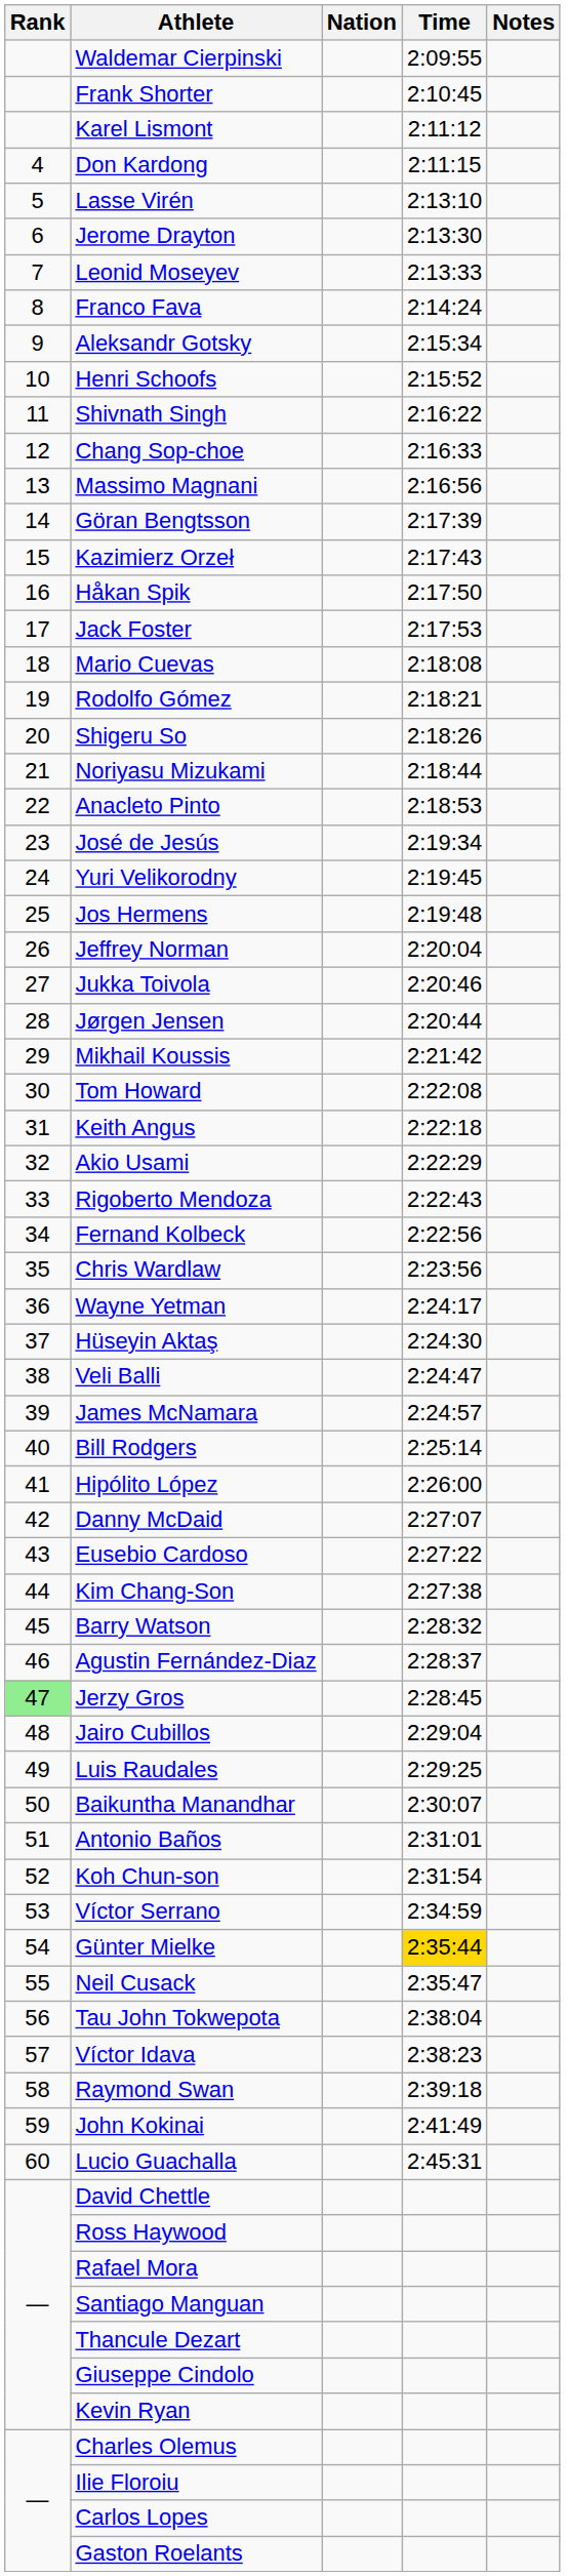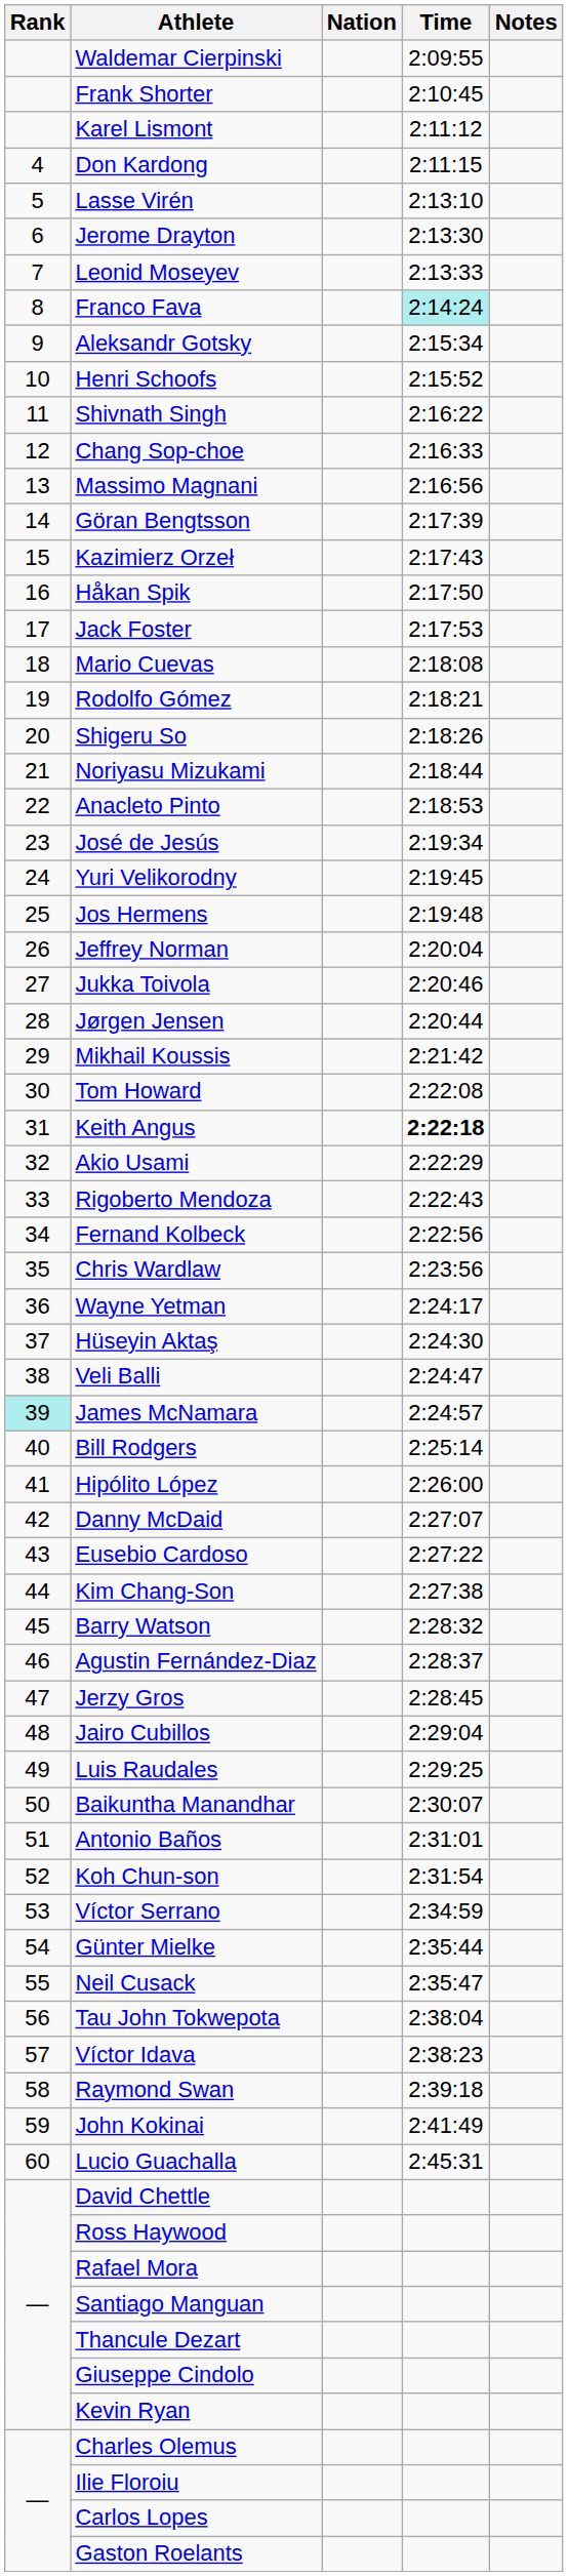 <table class="wikitable sortable" style="text-align:center">
 <tr>
 <th>Rank</th>
 <th>Athlete</th>
 <th>Nation</th>
 <th>Time</th>
 <th>Notes</th>
 </tr>
 <tr>
 <td></td>
 <td align=left><a href='#'>Waldemar Cierpinski</a></td>
 <td align=left></td>
 <td>2:09:55</td>
 <td></td>
 </tr>
 <tr>
 <td></td>
 <td align=left><a href='#'>Frank Shorter</a></td>
 <td align=left></td>
 <td>2:10:45</td>
 <td></td>
 </tr>
 <tr>
 <td></td>
 <td align=left><a href='#'>Karel Lismont</a></td>
 <td align=left></td>
 <td>2:11:12</td>
 <td></td>
 </tr>
 <tr>
 <td>4</td>
 <td align=left><a href='#'>Don Kardong</a></td>
 <td align=left></td>
 <td>2:11:15</td>
 <td></td>
 </tr>
 <tr>
 <td>5</td>
 <td align=left><a href='#'>Lasse Virén</a></td>
 <td align=left></td>
 <td>2:13:10</td>
 <td></td>
 </tr>
 <tr>
 <td>6</td>
 <td align=left><a href='#'>Jerome Drayton</a></td>
 <td align=left></td>
 <td>2:13:30</td>
 <td></td>
 </tr>
 <tr>
 <td>7</td>
 <td align=left><a href='#'>Leonid Moseyev</a></td>
 <td align=left></td>
 <td>2:13:33</td>
 <td></td>
 </tr>
 <tr>
 <td>8</td>
 <td align=left><a href='#'>Franco Fava</a></td>
 <td align=left></td>
-<td>2:14:24</td>
+<td style="background: paleturquoise;">2:14:24</td>
 <td></td>
 </tr>
 <tr>
 <td>9</td>
 <td align=left><a href='#'>Aleksandr Gotsky</a></td>
 <td align=left></td>
 <td>2:15:34</td>
 <td></td>
 </tr>
 <tr>
 <td>10</td>
 <td align=left><a href='#'>Henri Schoofs</a></td>
 <td align=left></td>
 <td>2:15:52</td>
 <td></td>
 </tr>
 <tr>
 <td>11</td>
 <td align=left><a href='#'>Shivnath Singh</a></td>
 <td align=left></td>
 <td>2:16:22</td>
 <td></td>
 </tr>
 <tr>
 <td>12</td>
 <td align=left><a href='#'>Chang Sop-choe</a></td>
 <td align=left></td>
 <td>2:16:33</td>
 <td></td>
 </tr>
 <tr>
 <td>13</td>
 <td align=left><a href='#'>Massimo Magnani</a></td>
 <td align=left></td>
 <td>2:16:56</td>
 <td></td>
 </tr>
 <tr>
 <td>14</td>
 <td align=left><a href='#'>Göran Bengtsson</a></td>
 <td align=left></td>
 <td>2:17:39</td>
 <td></td>
 </tr>
 <tr>
 <td>15</td>
 <td align=left><a href='#'>Kazimierz Orzeł</a></td>
 <td align=left></td>
 <td>2:17:43</td>
 <td></td>
 </tr>
 <tr>
 <td>16</td>
 <td align=left><a href='#'>Håkan Spik</a></td>
 <td align=left></td>
 <td>2:17:50</td>
 <td></td>
 </tr>
 <tr>
 <td>17</td>
 <td align=left><a href='#'>Jack Foster</a></td>
 <td align=left></td>
 <td>2:17:53</td>
 <td></td>
 </tr>
 <tr>
 <td>18</td>
 <td align=left><a href='#'>Mario Cuevas</a></td>
 <td align=left></td>
 <td>2:18:08</td>
 <td></td>
 </tr>
 <tr>
 <td>19</td>
 <td align=left><a href='#'>Rodolfo Gómez</a></td>
 <td align=left></td>
 <td>2:18:21</td>
 <td></td>
 </tr>
 <tr>
 <td>20</td>
 <td align=left><a href='#'>Shigeru So</a></td>
 <td align=left></td>
 <td>2:18:26</td>
 <td></td>
 </tr>
 <tr>
 <td>21</td>
 <td align=left><a href='#'>Noriyasu Mizukami</a></td>
 <td align=left></td>
 <td>2:18:44</td>
 <td></td>
 </tr>
 <tr>
 <td>22</td>
 <td align=left><a href='#'>Anacleto Pinto</a></td>
 <td align=left></td>
 <td>2:18:53</td>
 <td></td>
 </tr>
 <tr>
 <td>23</td>
 <td align=left><a href='#'>José de Jesús</a></td>
 <td align=left></td>
 <td>2:19:34</td>
 <td></td>
 </tr>
 <tr>
 <td>24</td>
 <td align=left><a href='#'>Yuri Velikorodny</a></td>
 <td align=left></td>
 <td>2:19:45</td>
 <td></td>
 </tr>
 <tr>
 <td>25</td>
 <td align=left><a href='#'>Jos Hermens</a></td>
 <td align=left></td>
 <td>2:19:48</td>
 <td></td>
 </tr>
 <tr>
 <td>26</td>
 <td align=left><a href='#'>Jeffrey Norman</a></td>
 <td align=left></td>
 <td>2:20:04</td>
 <td></td>
 </tr>
 <tr>
 <td>27</td>
 <td align=left><a href='#'>Jukka Toivola</a></td>
 <td align=left></td>
 <td>2:20:46</td>
 <td></td>
 </tr>
 <tr>
 <td>28</td>
 <td align=left><a href='#'>Jørgen Jensen</a></td>
 <td align=left></td>
 <td>2:20:44</td>
 <td></td>
 </tr>
 <tr>
 <td>29</td>
 <td align=left><a href='#'>Mikhail Koussis</a></td>
 <td align=left></td>
 <td>2:21:42</td>
 <td></td>
 </tr>
 <tr>
 <td>30</td>
 <td align=left><a href='#'>Tom Howard</a></td>
 <td align=left></td>
 <td>2:22:08</td>
 <td></td>
 </tr>
 <tr>
 <td>31</td>
 <td align=left><a href='#'>Keith Angus</a></td>
 <td align=left></td>
-<td>2:22:18</td>
+<td><strong>2:22:18</strong></td>
 <td></td>
 </tr>
 <tr>
 <td>32</td>
 <td align=left><a href='#'>Akio Usami</a></td>
 <td align=left></td>
 <td>2:22:29</td>
 <td></td>
 </tr>
 <tr>
 <td>33</td>
 <td align=left><a href='#'>Rigoberto Mendoza</a></td>
 <td align=left></td>
 <td>2:22:43</td>
 <td></td>
 </tr>
 <tr>
 <td>34</td>
 <td align=left><a href='#'>Fernand Kolbeck</a></td>
 <td align=left></td>
 <td>2:22:56</td>
 <td></td>
 </tr>
 <tr>
 <td>35</td>
 <td align=left><a href='#'>Chris Wardlaw</a></td>
 <td align=left></td>
 <td>2:23:56</td>
 <td></td>
 </tr>
 <tr>
 <td>36</td>
 <td align=left><a href='#'>Wayne Yetman</a></td>
 <td align=left></td>
 <td>2:24:17</td>
 <td></td>
 </tr>
 <tr>
 <td>37</td>
 <td align=left><a href='#'>Hüseyin Aktaş</a></td>
 <td align=left></td>
 <td>2:24:30</td>
 <td></td>
 </tr>
 <tr>
 <td>38</td>
 <td align=left><a href='#'>Veli Balli</a></td>
 <td align=left></td>
 <td>2:24:47</td>
 <td></td>
 </tr>
 <tr>
-<td>39</td>
+<td style="background: paleturquoise;">39</td>
 <td align=left><a href='#'>James McNamara</a></td>
 <td align=left></td>
 <td>2:24:57</td>
 <td></td>
 </tr>
 <tr>
 <td>40</td>
 <td align=left><a href='#'>Bill Rodgers</a></td>
 <td align=left></td>
 <td>2:25:14</td>
 <td></td>
 </tr>
 <tr>
 <td>41</td>
 <td align=left><a href='#'>Hipólito López</a></td>
 <td align=left></td>
 <td>2:26:00</td>
 <td></td>
 </tr>
 <tr>
 <td>42</td>
 <td align=left><a href='#'>Danny McDaid</a></td>
 <td align=left></td>
 <td>2:27:07</td>
 <td></td>
 </tr>
 <tr>
 <td>43</td>
 <td align=left><a href='#'>Eusebio Cardoso</a></td>
 <td align=left></td>
 <td>2:27:22</td>
 <td></td>
 </tr>
 <tr>
 <td>44</td>
 <td align=left><a href='#'>Kim Chang-Son</a></td>
 <td align=left></td>
 <td>2:27:38</td>
 <td></td>
 </tr>
 <tr>
 <td>45</td>
 <td align=left><a href='#'>Barry Watson</a></td>
 <td align=left></td>
 <td>2:28:32</td>
 <td></td>
 </tr>
 <tr>
 <td>46</td>
 <td align=left><a href='#'>Agustin Fernández-Diaz</a></td>
 <td align=left></td>
 <td>2:28:37</td>
 <td></td>
 </tr>
 <tr>
-<td style="background: lightgreen;">47</td>
+<td>47</td>
 <td align=left><a href='#'>Jerzy Gros</a></td>
 <td align=left></td>
 <td>2:28:45</td>
 <td></td>
 </tr>
 <tr>
 <td>48</td>
 <td align=left><a href='#'>Jairo Cubillos</a></td>
 <td align=left></td>
 <td>2:29:04</td>
 <td></td>
 </tr>
 <tr>
 <td>49</td>
 <td align=left><a href='#'>Luis Raudales</a></td>
 <td align=left></td>
 <td>2:29:25</td>
 <td></td>
 </tr>
 <tr>
 <td>50</td>
 <td align=left><a href='#'>Baikuntha Manandhar</a></td>
 <td align=left></td>
 <td>2:30:07</td>
 <td></td>
 </tr>
 <tr>
 <td>51</td>
 <td align=left><a href='#'>Antonio Baños</a></td>
 <td align=left></td>
 <td>2:31:01</td>
 <td></td>
 </tr>
 <tr>
 <td>52</td>
 <td align=left><a href='#'>Koh Chun-son</a></td>
 <td align=left></td>
 <td>2:31:54</td>
 <td></td>
 </tr>
 <tr>
 <td>53</td>
 <td align=left><a href='#'>Víctor Serrano</a></td>
 <td align=left></td>
 <td>2:34:59</td>
 <td></td>
 </tr>
 <tr>
 <td>54</td>
 <td align=left><a href='#'>Günter Mielke</a></td>
 <td align=left></td>
-<td style="background: gold;">2:35:44</td>
+<td>2:35:44</td>
 <td></td>
 </tr>
 <tr>
 <td>55</td>
 <td align=left><a href='#'>Neil Cusack</a></td>
 <td align=left></td>
 <td>2:35:47</td>
 <td></td>
 </tr>
 <tr>
 <td>56</td>
 <td align=left><a href='#'>Tau John Tokwepota</a></td>
 <td align=left></td>
 <td>2:38:04</td>
 <td></td>
 </tr>
 <tr>
 <td>57</td>
 <td align=left><a href='#'>Víctor Idava</a></td>
 <td align=left></td>
 <td>2:38:23</td>
 <td></td>
 </tr>
 <tr>
 <td>58</td>
 <td align=left><a href='#'>Raymond Swan</a></td>
 <td align=left></td>
 <td>2:39:18</td>
 <td></td>
 </tr>
 <tr>
 <td>59</td>
 <td align=left><a href='#'>John Kokinai</a></td>
 <td align=left></td>
 <td>2:41:49</td>
 <td></td>
 </tr>
 <tr>
 <td>60</td>
 <td align=left><a href='#'>Lucio Guachalla</a></td>
 <td align=left></td>
 <td>2:45:31</td>
 <td></td>
 </tr>
 <tr>
 <td rowspan=7 data-sort-value=61>—</td>
 <td align=left><a href='#'>David Chettle</a></td>
 <td align=left></td>
 <td data-sort-value=4:00:00></td>
 <td></td>
 </tr>
 <tr>
 <td align=left><a href='#'>Ross Haywood</a></td>
 <td align=left></td>
 <td data-sort-value=4:00:00></td>
 <td></td>
 </tr>
 <tr>
 <td align=left><a href='#'>Rafael Mora</a></td>
 <td align=left></td>
 <td data-sort-value=4:00:00></td>
 <td></td>
 </tr>
 <tr>
 <td align=left><a href='#'>Santiago Manguan</a></td>
 <td align=left></td>
 <td data-sort-value=4:00:00></td>
 <td></td>
 </tr>
 <tr>
 <td align=left><a href='#'>Thancule Dezart</a></td>
 <td align=left></td>
 <td data-sort-value=4:00:00></td>
 <td></td>
 </tr>
 <tr>
 <td align=left><a href='#'>Giuseppe Cindolo</a></td>
 <td align=left></td>
 <td data-sort-value=4:00:00></td>
 <td></td>
 </tr>
 <tr>
 <td align=left><a href='#'>Kevin Ryan</a></td>
 <td align=left></td>
 <td data-sort-value=4:00:00></td>
 <td></td>
 </tr>
 <tr>
 <td rowspan=4 data-sort-value=68>—</td>
 <td align=left><a href='#'>Charles Olemus</a></td>
 <td align=left></td>
 <td data-sort-value=9:00:00></td>
 <td></td>
 </tr>
 <tr>
 <td align=left><a href='#'>Ilie Floroiu</a></td>
 <td align=left></td>
 <td data-sort-value=9:00:00></td>
 <td></td>
 </tr>
 <tr>
 <td align=left><a href='#'>Carlos Lopes</a></td>
 <td align=left></td>
 <td data-sort-value=9:00:00></td>
 <td></td>
 </tr>
 <tr>
 <td align=left><a href='#'>Gaston Roelants</a></td>
 <td align=left></td>
 <td data-sort-value=9:00:00></td>
 <td></td>
 </tr>
 </table>
